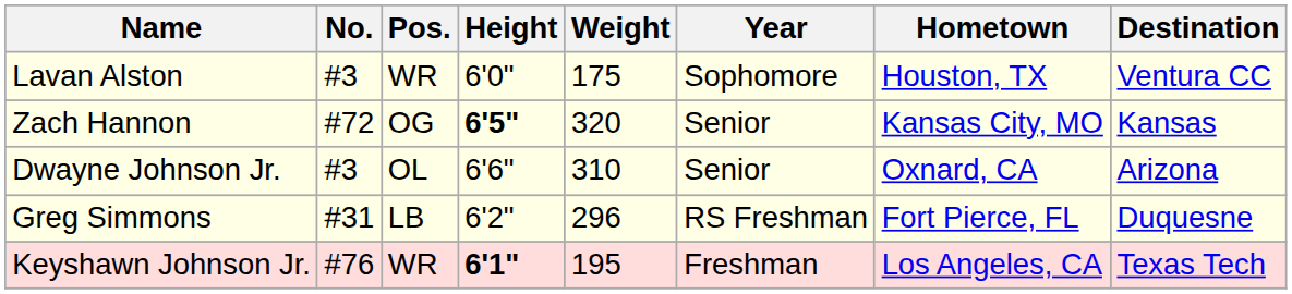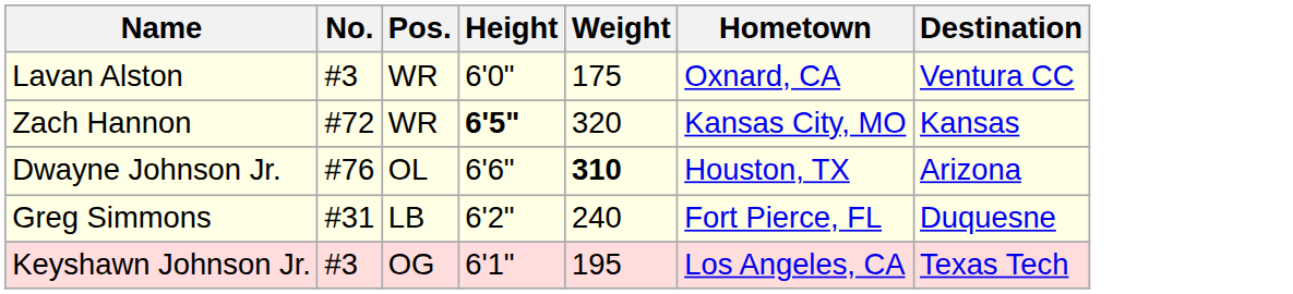 <table class="wikitable sortable">
 <tr>
 <th>Name</th>
 <th>No.</th>
 <th>Pos.</th>
 <th>Height</th>
 <th>Weight</th>
-<th>Year</th>
 <th>Hometown</th>
 <th class="unsortable">Destination</th>
 </tr>
 <tr style="background:#FFFFE6;">
 <td>Lavan Alston</td>
 <td>#3</td>
 <td>WR</td>
 <td>6'0"</td>
 <td>175</td>
-<td>Sophomore</td>
-<td><a href='#'>Houston, TX</a></td>
+<td><a href='#'>Oxnard, CA</a></td>
 <td><a href='#'>Ventura CC</a></td>
 </tr>
 <tr style="background:#FFFFE6;">
 <td>Zach Hannon</td>
 <td>#72</td>
-<td>OG</td>
+<td>WR</td>
 <td><strong>6'5"</strong></td>
 <td>320</td>
-<td>Senior</td>
 <td><a href='#'>Kansas City, MO</a></td>
 <td><a href='#'>Kansas</a></td>
 </tr>
 <tr style="background:#FFFFE6;">
 <td>Dwayne Johnson Jr.</td>
-<td>#3</td>
+<td>#76</td>
 <td>OL</td>
 <td>6'6"</td>
-<td>310</td>
-<td>Senior</td>
-<td><a href='#'>Oxnard, CA</a></td>
+<td><strong>310</strong></td>
+<td><a href='#'>Houston, TX</a></td>
 <td><a href='#'>Arizona</a></td>
 </tr>
 <tr style="background:#FFFFE6;">
 <td>Greg Simmons</td>
 <td>#31</td>
 <td>LB</td>
 <td>6'2"</td>
-<td>296</td>
-<td>RS Freshman</td>
+<td>240</td>
 <td><a href='#'>Fort Pierce, FL</a></td>
 <td><a href='#'>Duquesne</a></td>
 </tr>
 <tr style="background:#FFDDDD;">
 <td>Keyshawn Johnson Jr.</td>
-<td>#76</td>
-<td>WR</td>
-<td><strong>6'1"</strong></td>
+<td>#3</td>
+<td>OG</td>
+<td>6'1"</td>
 <td>195</td>
-<td>Freshman</td>
 <td><a href='#'>Los Angeles, CA</a></td>
 <td><a href='#'>Texas Tech</a></td>
 </tr>
 </table>
